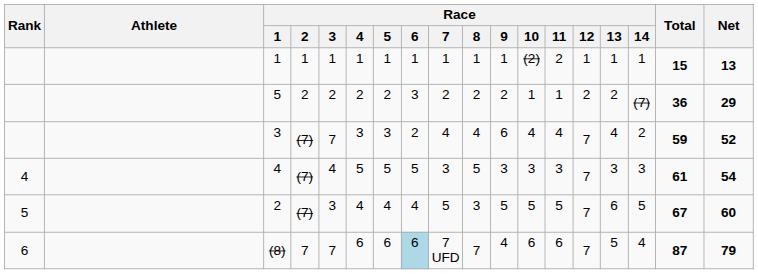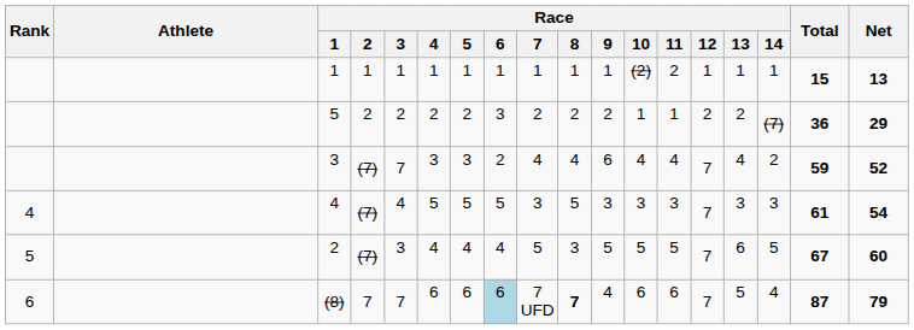 <table | class="wikitable" style="text-align:center">
 <tr>
 <th rowspan="2" width=40>Rank</th>
 <th rowspan="2" width=250>Athlete</th>
 <th colspan="14">Race</th>
 <th rowspan="2" width=50>Total</th>
 <th rowspan="2" width=50>Net</th>
 </tr>
 <tr>
 <th width=25>1</th>
 <th width=25>2</th>
 <th width=25>3</th>
 <th width=25>4</th>
 <th width=25>5</th>
 <th width=25>6</th>
 <th width=25>7</th>
 <th width=25>8</th>
 <th width=25>9</th>
 <th width=25>10</th>
 <th width=25>11</th>
 <th width=25>12</th>
 <th width=25>13</th>
 <th width=25>14</th>
 </tr>
 <tr>
 <td></td>
 <td align=left></td>
 <td>1<br> </td>
 <td>1<br> </td>
 <td>1<br> </td>
 <td>1<br> </td>
 <td>1<br> </td>
 <td>1<br> </td>
 <td>1<br> </td>
 <td>1<br> </td>
 <td>1<br> </td>
 <td><s>(2)</s><br> </td>
 <td>2<br> </td>
 <td>1<br> </td>
 <td>1<br> </td>
 <td>1<br> </td>
 <td><strong>15</strong></td>
 <td><strong>13</strong></td>
 </tr>
 <tr>
 <td></td>
 <td align=left></td>
 <td>5<br> </td>
 <td>2<br> </td>
 <td>2<br> </td>
 <td>2<br> </td>
 <td>2<br> </td>
 <td>3<br> </td>
 <td>2<br> </td>
 <td>2<br> </td>
 <td>2<br> </td>
 <td>1<br> </td>
 <td>1<br> </td>
 <td>2<br> </td>
 <td>2<br> </td>
 <td><s>(7)</s><br></td>
 <td><strong>36</strong></td>
 <td><strong>29</strong></td>
 </tr>
 <tr>
 <td></td>
 <td align=left></td>
 <td>3<br> </td>
 <td><s>(7)</s><br></td>
 <td>7<br></td>
 <td>3<br> </td>
 <td>3<br> </td>
 <td>2<br> </td>
 <td>4<br> </td>
 <td>4<br> </td>
 <td>6<br> </td>
 <td>4<br> </td>
 <td>4<br> </td>
 <td>7<br></td>
 <td>4<br> </td>
 <td>2<br> </td>
 <td><strong>59</strong></td>
 <td><strong>52</strong></td>
 </tr>
 <tr>
 <td>4</td>
 <td align=left></td>
 <td>4<br> </td>
 <td><s>(7)</s><br></td>
 <td>4<br> </td>
 <td>5<br> </td>
 <td>5<br> </td>
 <td>5<br> </td>
 <td>3<br> </td>
 <td>5<br> </td>
 <td>3<br> </td>
 <td>3<br> </td>
 <td>3<br> </td>
 <td>7<br></td>
 <td>3<br> </td>
 <td>3<br> </td>
 <td><strong>61</strong></td>
 <td><strong>54</strong></td>
 </tr>
 <tr>
 <td>5</td>
 <td align=left></td>
 <td>2<br> </td>
 <td><s>(7)</s><br></td>
 <td>3<br> </td>
 <td>4<br> </td>
 <td>4<br> </td>
 <td>4<br> </td>
 <td>5<br> </td>
 <td>3<br> </td>
 <td>5<br> </td>
 <td>5<br> </td>
 <td>5<br> </td>
 <td>7<br></td>
 <td>6<br> </td>
 <td>5<br> </td>
 <td><strong>67</strong></td>
 <td><strong>60</strong></td>
 </tr>
 <tr>
 <td>6</td>
 <td align=left></td>
 <td><s>(8)</s><br></td>
 <td>7<br></td>
 <td>7<br></td>
 <td>6<br> </td>
 <td>6<br> </td>
 <td style="background: lightblue;">6<br> </td>
 <td>7<br>UFD</td>
-<td>7<br></td>
+<td><strong>7<br></strong></td>
 <td>4<br> </td>
 <td>6<br> </td>
 <td>6<br> </td>
 <td>7<br></td>
 <td>5<br> </td>
 <td>4<br> </td>
 <td><strong>87</strong></td>
 <td><strong>79</strong></td>
 </tr>
 </table>
